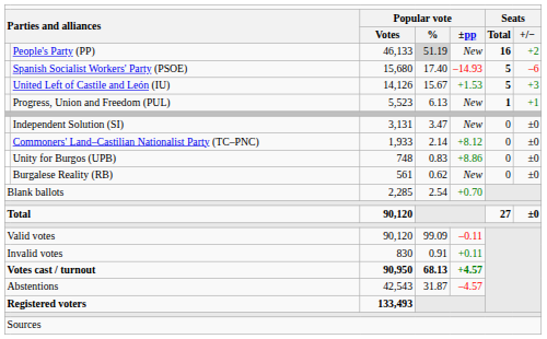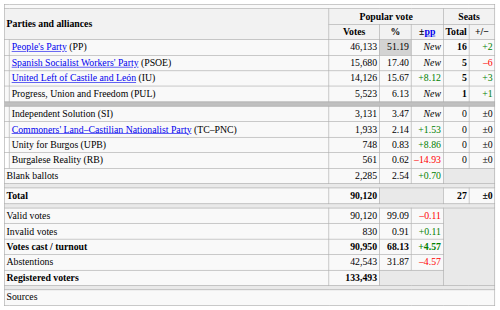 <table class="wikitable" style="text-align:right;">
 <tr>
 <td colspan="7"></td>
 </tr>
 <tr>
 <th style="text-align:left;" rowspan="2" colspan="2" width="525">Parties and alliances</th>
 <th colspan="3">Popular vote</th>
 <th colspan="2">Seats</th>
 </tr>
 <tr>
 <th width="75">Votes</th>
 <th width="45">%</th>
 <th width="45">±<a href='#'>pp</a></th>
 <th width="35">Total</th>
 <th width="35">+/−</th>
 </tr>
 <tr>
 <td width="1" style="color:inherit;background:"></td>
 <td align="left"><a href='#'>People's Party</a> (PP)</td>
 <td>46,133</td>
 <td style="background: lightgrey;">51.19</td>
 <td><em>New</em></td>
 <td><strong>16</strong></td>
 <td style="color:green;">+2</td>
 </tr>
 <tr>
 <td style="color:inherit;background:"></td>
 <td align="left"><a href='#'>Spanish Socialist Workers' Party</a> (PSOE)</td>
 <td>15,680</td>
 <td>17.40</td>
-<td style="color:red;">–14.93</td>
+<td><em>New</em></td>
 <td><strong>5</strong></td>
 <td style="color:red;">–6</td>
 </tr>
 <tr>
 <td style="color:inherit;background:"></td>
 <td align="left"><a href='#'>United Left of Castile and León</a> (IU)</td>
 <td>14,126</td>
 <td>15.67</td>
-<td style="color:green;">+1.53</td>
+<td style="color:green;">+8.12</td>
 <td><strong>5</strong></td>
 <td style="color:green;">+3</td>
 </tr>
 <tr>
 <td style="color:inherit;background:"></td>
 <td align="left">Progress, Union and Freedom (PUL)</td>
 <td>5,523</td>
 <td>6.13</td>
 <td><em>New</em></td>
 <td><strong>1</strong></td>
 <td style="color:green;">+1</td>
 </tr>
 <tr>
 <td colspan="7" bgcolor="#C0C0C0"></td>
 </tr>
 <tr>
 <td style="color:inherit;background:"></td>
 <td align="left">Independent Solution (SI)</td>
 <td>3,131</td>
 <td>3.47</td>
 <td><em>New</em></td>
 <td>0</td>
 <td>±0</td>
 </tr>
 <tr>
 <td style="color:inherit;background:"></td>
 <td align="left"><a href='#'>Commoners' Land–Castilian Nationalist Party</a> (TC–PNC)</td>
 <td>1,933</td>
 <td>2.14</td>
-<td style="color:green;">+8.12</td>
+<td style="color:green;">+1.53</td>
 <td>0</td>
 <td>±0</td>
 </tr>
 <tr>
 <td bgcolor="white"></td>
 <td align="left">Unity for Burgos (UPB)</td>
 <td>748</td>
 <td>0.83</td>
 <td style="color:green;">+8.86</td>
 <td>0</td>
 <td>±0</td>
 </tr>
 <tr>
 <td bgcolor="white"></td>
 <td align="left">Burgalese Reality (RB)</td>
 <td>561</td>
 <td>0.62</td>
-<td><em>New</em></td>
+<td style="color:red;">–14.93</td>
 <td>0</td>
 <td>±0</td>
 </tr>
 <tr>
 <td align="left" colspan="2">Blank ballots</td>
 <td>2,285</td>
 <td>2.54</td>
 <td style="color:green;">+0.70</td>
 <td bgcolor="#E9E9E9" colspan="2"></td>
 </tr>
 <tr>
 <td colspan="7" bgcolor="#E9E9E9"></td>
 </tr>
 <tr style="font-weight:bold;">
 <td align="left" colspan="2">Total</td>
 <td>90,120</td>
 <td bgcolor="#E9E9E9" colspan="2"></td>
 <td>27</td>
 <td>±0</td>
 </tr>
 <tr>
 <td colspan="7" bgcolor="#E9E9E9"></td>
 </tr>
 <tr>
 <td align="left" colspan="2">Valid votes</td>
 <td>90,120</td>
 <td>99.09</td>
 <td style="color:red;">–0.11</td>
 <td bgcolor="#E9E9E9" colspan="2" rowspan="5"></td>
 </tr>
 <tr>
 <td align="left" colspan="2">Invalid votes</td>
 <td>830</td>
 <td>0.91</td>
 <td style="color:green;">+0.11</td>
 </tr>
 <tr style="font-weight:bold;">
 <td align="left" colspan="2">Votes cast / turnout</td>
 <td>90,950</td>
 <td>68.13</td>
 <td style="color:green;">+4.57</td>
 </tr>
 <tr>
 <td align="left" colspan="2">Abstentions</td>
 <td>42,543</td>
 <td>31.87</td>
 <td style="color:red;">–4.57</td>
 </tr>
 <tr style="font-weight:bold;">
 <td align="left" colspan="2">Registered voters</td>
 <td>133,493</td>
 <td bgcolor="#E9E9E9" colspan="2"></td>
 </tr>
 <tr>
 <td colspan="7" bgcolor="#E9E9E9"></td>
 </tr>
 <tr>
 <td align="left" colspan="7">Sources</td>
 </tr>
 </table>
